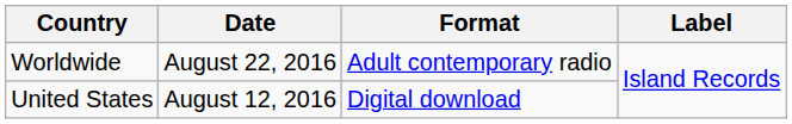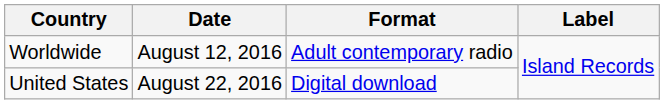 <table class="wikitable">
 <tr>
 <th>Country</th>
 <th>Date</th>
 <th>Format</th>
 <th>Label</th>
 </tr>
 <tr>
 <td>Worldwide</td>
-<td>August 22, 2016</td>
+<td>August 12, 2016</td>
 <td><a href='#'>Adult contemporary</a> radio</td>
 <td rowspan="2"><a href='#'>Island Records</a></td>
 </tr>
 <tr>
 <td>United States</td>
-<td>August 12, 2016</td>
+<td>August 22, 2016</td>
 <td><a href='#'>Digital download</a></td>
 </tr>
 </table>
